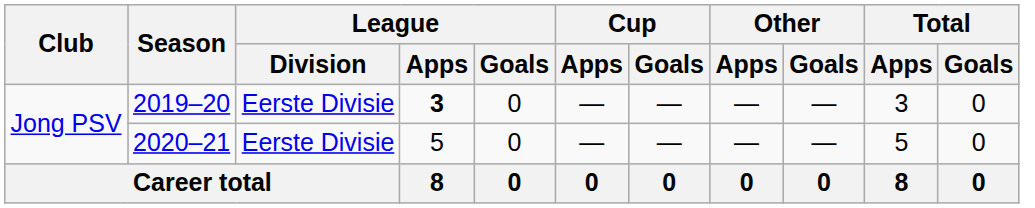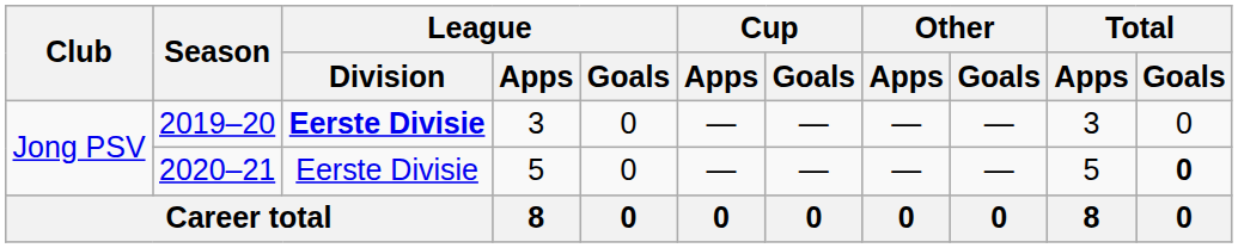 <table class=wikitable style=text-align:center>
 <tr>
 <th rowspan=2>Club</th>
 <th rowspan=2>Season</th>
 <th colspan=3>League</th>
 <th colspan=2>Cup</th>
 <th colspan=2>Other</th>
 <th colspan=2>Total</th>
 </tr>
 <tr>
 <th>Division</th>
 <th>Apps</th>
 <th>Goals</th>
 <th>Apps</th>
 <th>Goals</th>
 <th>Apps</th>
 <th>Goals</th>
 <th>Apps</th>
 <th>Goals</th>
 </tr>
 <tr>
 <td rowspan=2><a href='#'>Jong PSV</a></td>
 <td><a href='#'>2019–20</a></td>
-<td><a href='#'>Eerste Divisie</a></td>
-<td><strong>3</strong></td>
+<td><strong><a href='#'>Eerste Divisie</a></strong></td>
+<td>3</td>
 <td>0</td>
 <td>—</td>
 <td>—</td>
 <td>—</td>
 <td>—</td>
 <td>3</td>
 <td>0</td>
 </tr>
 <tr>
 <td><a href='#'>2020–21</a></td>
 <td><a href='#'>Eerste Divisie</a></td>
 <td>5</td>
 <td>0</td>
 <td>—</td>
 <td>—</td>
 <td>—</td>
 <td>—</td>
 <td>5</td>
-<td>0</td>
+<td><strong>0</strong></td>
 </tr>
 <tr>
 <th colspan=3>Career total</th>
 <th>8</th>
 <th>0</th>
 <th>0</th>
 <th>0</th>
 <th>0</th>
 <th>0</th>
 <th>8</th>
 <th>0</th>
 </tr>
 </table>
